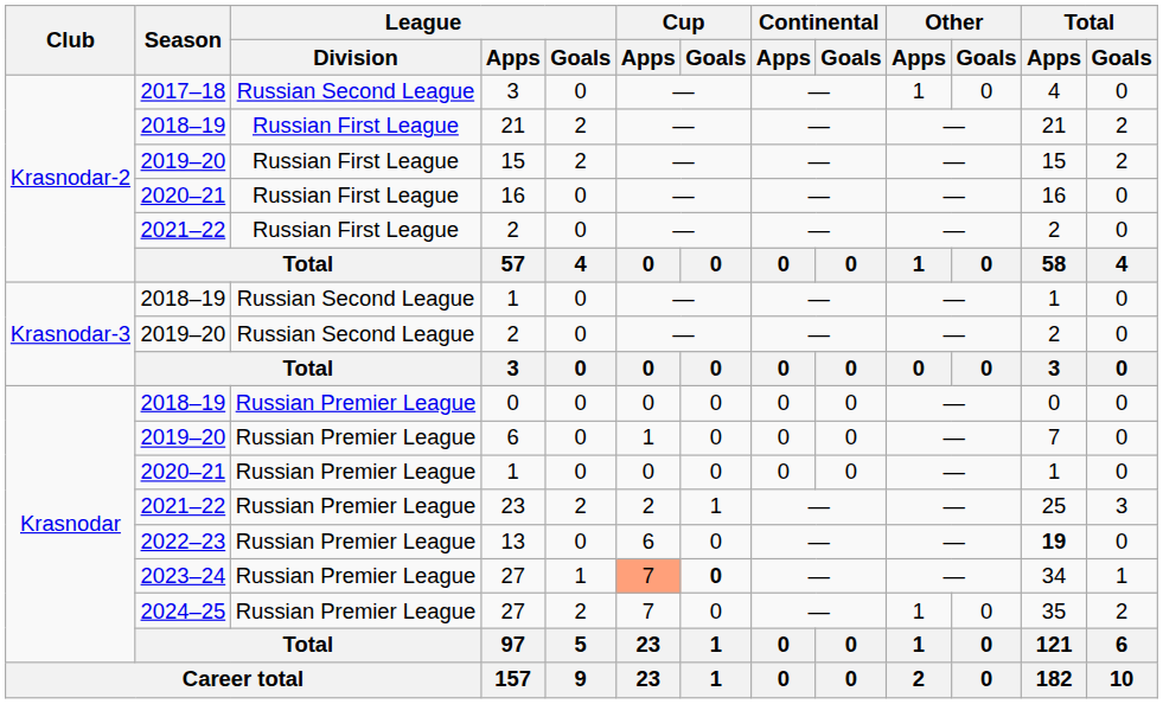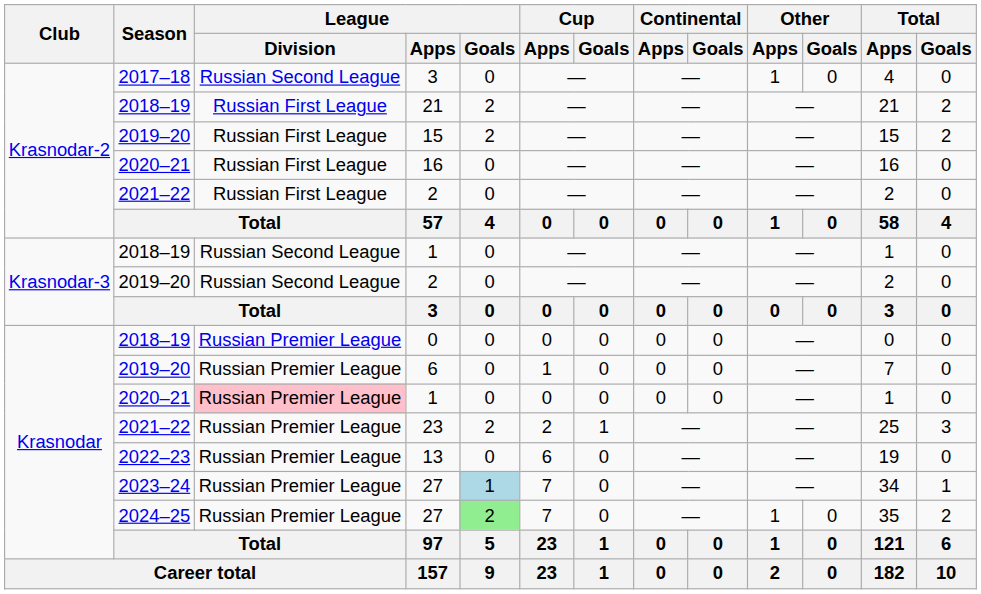 <table class="wikitable" style="text-align: center;">
 <tr>
 <th rowspan=2>Club</th>
 <th rowspan=2>Season</th>
 <th colspan=3>League</th>
 <th colspan=2>Cup</th>
 <th colspan=2>Continental</th>
 <th colspan=2>Other</th>
 <th colspan=2>Total</th>
 </tr>
 <tr>
 <th>Division</th>
 <th>Apps</th>
 <th>Goals</th>
 <th>Apps</th>
 <th>Goals</th>
 <th>Apps</th>
 <th>Goals</th>
 <th>Apps</th>
 <th>Goals</th>
 <th>Apps</th>
 <th>Goals</th>
 </tr>
 <tr>
 <td rowspan="6"><a href='#'>Krasnodar-2</a></td>
 <td><a href='#'>2017–18</a></td>
 <td><a href='#'>Russian Second League</a></td>
 <td>3</td>
 <td>0</td>
 <td colspan="2">—</td>
 <td colspan="2">—</td>
 <td>1</td>
 <td>0</td>
 <td>4</td>
 <td>0</td>
 </tr>
 <tr>
 <td><a href='#'>2018–19</a></td>
 <td><a href='#'>Russian First League</a></td>
 <td>21</td>
 <td>2</td>
 <td colspan="2">—</td>
 <td colspan="2">—</td>
 <td colspan="2">—</td>
 <td>21</td>
 <td>2</td>
 </tr>
 <tr>
 <td><a href='#'>2019–20</a></td>
 <td>Russian First League</td>
 <td>15</td>
 <td>2</td>
 <td colspan="2">—</td>
 <td colspan="2">—</td>
 <td colspan="2">—</td>
 <td>15</td>
 <td>2</td>
 </tr>
 <tr>
 <td><a href='#'>2020–21</a></td>
 <td>Russian First League</td>
 <td>16</td>
 <td>0</td>
 <td colspan="2">—</td>
 <td colspan="2">—</td>
 <td colspan="2">—</td>
 <td>16</td>
 <td>0</td>
 </tr>
 <tr>
 <td><a href='#'>2021–22</a></td>
 <td>Russian First League</td>
 <td>2</td>
 <td>0</td>
 <td colspan="2">—</td>
 <td colspan="2">—</td>
 <td colspan="2">—</td>
 <td>2</td>
 <td>0</td>
 </tr>
 <tr>
 <th colspan=2>Total</th>
 <th>57</th>
 <th>4</th>
 <th>0</th>
 <th>0</th>
 <th>0</th>
 <th>0</th>
 <th>1</th>
 <th>0</th>
 <th>58</th>
 <th>4</th>
 </tr>
 <tr>
 <td rowspan="3"><a href='#'>Krasnodar-3</a></td>
 <td>2018–19</td>
 <td>Russian Second League</td>
 <td>1</td>
 <td>0</td>
 <td colspan="2">—</td>
 <td colspan="2">—</td>
 <td colspan="2">—</td>
 <td>1</td>
 <td>0</td>
 </tr>
 <tr>
 <td>2019–20</td>
 <td>Russian Second League</td>
 <td>2</td>
 <td>0</td>
 <td colspan="2">—</td>
 <td colspan="2">—</td>
 <td colspan="2">—</td>
 <td>2</td>
 <td>0</td>
 </tr>
 <tr>
 <th colspan=2>Total</th>
 <th>3</th>
 <th>0</th>
 <th>0</th>
 <th>0</th>
 <th>0</th>
 <th>0</th>
 <th>0</th>
 <th>0</th>
 <th>3</th>
 <th>0</th>
 </tr>
 <tr>
 <td rowspan="8"><a href='#'>Krasnodar</a></td>
 <td><a href='#'>2018–19</a></td>
 <td><a href='#'>Russian Premier League</a></td>
 <td>0</td>
 <td>0</td>
 <td>0</td>
 <td>0</td>
 <td>0</td>
 <td>0</td>
 <td colspan="2">—</td>
 <td>0</td>
 <td>0</td>
 </tr>
 <tr>
 <td><a href='#'>2019–20</a></td>
 <td>Russian Premier League</td>
 <td>6</td>
 <td>0</td>
 <td>1</td>
 <td>0</td>
 <td>0</td>
 <td>0</td>
 <td colspan="2">—</td>
 <td>7</td>
 <td>0</td>
 </tr>
 <tr>
 <td><a href='#'>2020–21</a></td>
-<td>Russian Premier League</td>
+<td style="background: pink;">Russian Premier League</td>
 <td>1</td>
 <td>0</td>
 <td>0</td>
 <td>0</td>
 <td>0</td>
 <td>0</td>
 <td colspan="2">—</td>
 <td>1</td>
 <td>0</td>
 </tr>
 <tr>
 <td><a href='#'>2021–22</a></td>
 <td>Russian Premier League</td>
 <td>23</td>
 <td>2</td>
 <td>2</td>
 <td>1</td>
 <td colspan="2">—</td>
 <td colspan="2">—</td>
 <td>25</td>
 <td>3</td>
 </tr>
 <tr>
 <td><a href='#'>2022–23</a></td>
 <td>Russian Premier League</td>
 <td>13</td>
 <td>0</td>
 <td>6</td>
 <td>0</td>
 <td colspan="2">—</td>
 <td colspan="2">—</td>
-<td><strong>19</strong></td>
+<td>19</td>
 <td>0</td>
 </tr>
 <tr>
 <td><a href='#'>2023–24</a></td>
 <td>Russian Premier League</td>
 <td>27</td>
-<td>1</td>
-<td style="background: lightsalmon;">7</td>
-<td><strong>0</strong></td>
+<td style="background: lightblue;">1</td>
+<td>7</td>
+<td>0</td>
 <td colspan="2">—</td>
 <td colspan="2">—</td>
 <td>34</td>
 <td>1</td>
 </tr>
 <tr>
 <td><a href='#'>2024–25</a></td>
 <td>Russian Premier League</td>
 <td>27</td>
-<td>2</td>
+<td style="background: lightgreen;">2</td>
 <td>7</td>
 <td>0</td>
 <td colspan="2">—</td>
 <td>1</td>
 <td>0</td>
 <td>35</td>
 <td>2</td>
 </tr>
 <tr>
 <th colspan="2">Total</th>
 <th>97</th>
 <th>5</th>
 <th>23</th>
 <th>1</th>
 <th>0</th>
 <th>0</th>
 <th>1</th>
 <th>0</th>
 <th>121</th>
 <th>6</th>
 </tr>
 <tr>
 <th colspan="3">Career total</th>
 <th>157</th>
 <th>9</th>
 <th>23</th>
 <th>1</th>
 <th>0</th>
 <th>0</th>
 <th>2</th>
 <th>0</th>
 <th>182</th>
 <th>10</th>
 </tr>
 </table>
